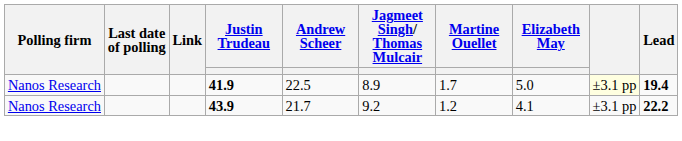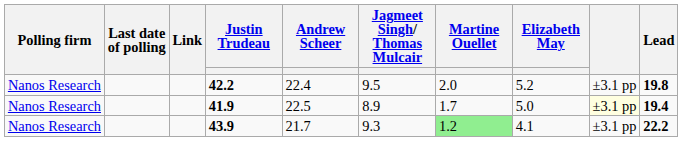 <table class="wikitable sortable mw-datatable" style="text-align:left;font-size:90%;line-height:14px;">
 <tr>
 <th rowspan="2">Polling firm</th>
 <th rowspan="2">Last date<br>of polling</th>
 <th rowspan="2">Link</th>
 <th class="unsortable" style="width:70px;"><a href='#'>Justin Trudeau</a></th>
 <th class="unsortable" style="width:70px;"><a href='#'>Andrew Scheer</a></th>
 <th class="unsortable" style="width:70px;"><a href='#'>Jagmeet Singh</a>/<br><a href='#'>Thomas Mulcair</a></th>
 <th class="unsortable" style="width:70px;"><a href='#'>Martine Ouellet</a></th>
 <th class="unsortable" style="width:70px;"><a href='#'>Elizabeth May</a></th>
 <th rowspan="2"></th>
 <th rowspan="2">Lead</th>
 </tr>
 <tr style="background:#e9e9e9;">
 <th style="background-color:"></th>
 <th style="background-color:"></th>
 <th style="background-color:"></th>
 <th style="background-color:"></th>
 <th style="background-color:"></th>
 </tr>
 <tr>
 <td><a href='#'>Nanos Research</a></td>
 <td></td>
 <td></td>
+<td><strong>42.2</strong></td>
+<td>22.4</td>
+<td>9.5</td>
+<td>2.0</td>
+<td>5.2</td>
+<td>±3.1 pp</td>
+<td><strong>19.8</strong></td>
+</tr>
+<tr>
+<td><a href='#'>Nanos Research</a></td>
+<td></td>
+<td></td>
 <td><strong>41.9</strong></td>
 <td>22.5</td>
 <td>8.9</td>
 <td>1.7</td>
 <td>5.0</td>
 <td style="background: lightyellow;">±3.1 pp</td>
 <td><strong>19.4</strong></td>
 </tr>
 <tr>
 <td><a href='#'>Nanos Research</a></td>
 <td></td>
 <td></td>
 <td><strong>43.9</strong></td>
 <td>21.7</td>
-<td>9.2</td>
-<td>1.2</td>
+<td>9.3</td>
+<td style="background: lightgreen;">1.2</td>
 <td>4.1</td>
 <td>±3.1 pp</td>
 <td><strong>22.2</strong></td>
 </tr>
 <tr>
 </tr>
 </table>
